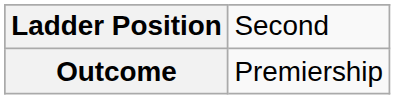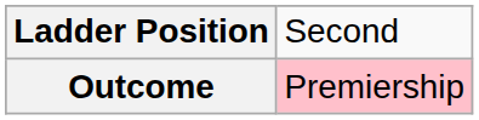 <table class="wikitable">
 <tr>
 <th>Ladder Position</th>
 <td>Second</td>
 </tr>
 <tr>
 <th>Outcome</th>
-<td>Premiership</td>
+<td style="background: pink;">Premiership</td>
 </tr>
 </table>
